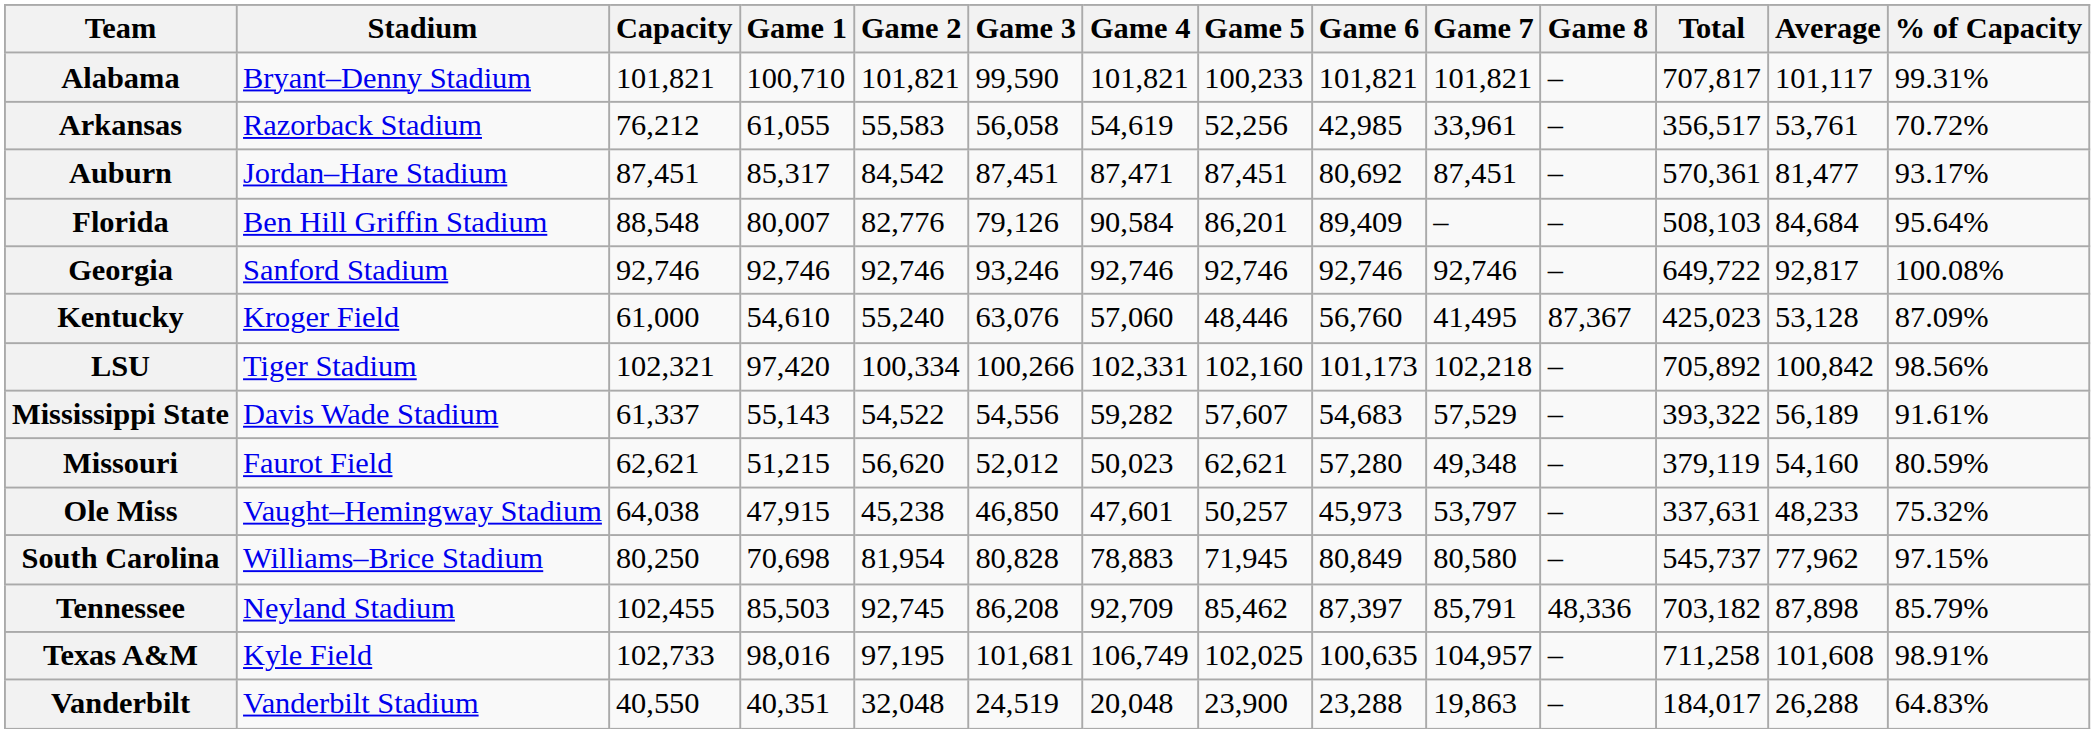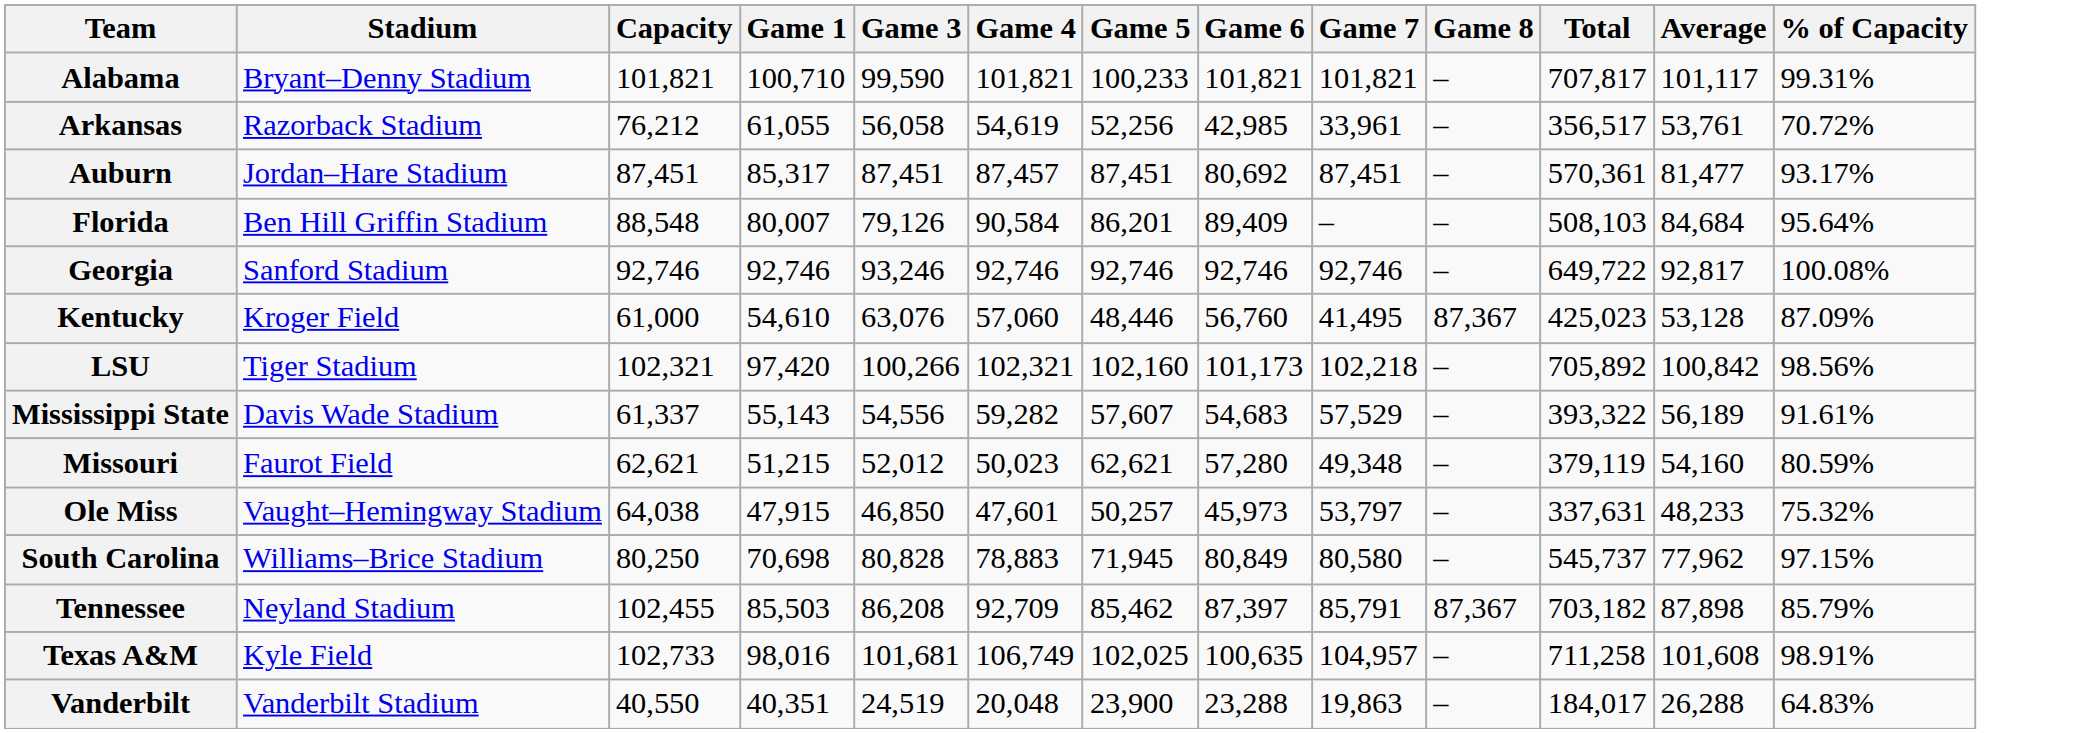 <table class="wikitable sortable">
 <tr>
 <th>Team</th>
 <th>Stadium</th>
 <th>Capacity</th>
 <th>Game 1</th>
-<th>Game 2</th>
 <th>Game 3</th>
 <th>Game 4</th>
 <th>Game 5</th>
 <th>Game 6</th>
 <th>Game 7</th>
 <th>Game 8</th>
 <th>Total</th>
 <th>Average</th>
 <th>% of Capacity</th>
 </tr>
 <tr>
 <th>Alabama</th>
 <td><a href='#'>Bryant–Denny Stadium</a></td>
 <td>101,821</td>
 <td>100,710</td>
-<td>101,821</td>
 <td>99,590</td>
 <td>101,821</td>
 <td>100,233</td>
 <td>101,821</td>
 <td>101,821</td>
 <td>–</td>
 <td>707,817</td>
 <td>101,117</td>
 <td>99.31%</td>
 </tr>
 <tr>
 <th>Arkansas</th>
 <td><a href='#'>Razorback Stadium</a></td>
 <td>76,212</td>
 <td>61,055</td>
-<td>55,583</td>
 <td>56,058</td>
 <td>54,619</td>
 <td>52,256</td>
 <td>42,985</td>
 <td>33,961</td>
 <td>–</td>
 <td>356,517</td>
 <td>53,761</td>
 <td>70.72%</td>
 </tr>
 <tr>
 <th>Auburn</th>
 <td><a href='#'>Jordan–Hare Stadium</a></td>
 <td>87,451</td>
 <td>85,317</td>
-<td>84,542</td>
 <td>87,451</td>
-<td>87,471</td>
+<td>87,457</td>
 <td>87,451</td>
 <td>80,692</td>
 <td>87,451</td>
 <td>–</td>
 <td>570,361</td>
 <td>81,477</td>
 <td>93.17%</td>
 </tr>
 <tr>
 <th>Florida</th>
 <td><a href='#'>Ben Hill Griffin Stadium</a></td>
 <td>88,548</td>
 <td>80,007</td>
-<td>82,776</td>
 <td>79,126</td>
 <td>90,584</td>
 <td>86,201</td>
 <td>89,409</td>
 <td>–</td>
 <td>–</td>
 <td>508,103</td>
 <td>84,684</td>
 <td>95.64%</td>
 </tr>
 <tr>
 <th>Georgia</th>
 <td><a href='#'>Sanford Stadium</a></td>
-<td>92,746</td>
 <td>92,746</td>
 <td>92,746</td>
 <td>93,246</td>
 <td>92,746</td>
 <td>92,746</td>
 <td>92,746</td>
 <td>92,746</td>
 <td>–</td>
 <td>649,722</td>
 <td>92,817</td>
 <td>100.08%</td>
 </tr>
 <tr>
 <th>Kentucky</th>
 <td><a href='#'>Kroger Field</a></td>
 <td>61,000</td>
 <td>54,610</td>
-<td>55,240</td>
 <td>63,076</td>
 <td>57,060</td>
 <td>48,446</td>
 <td>56,760</td>
 <td>41,495</td>
 <td>87,367</td>
 <td>425,023</td>
 <td>53,128</td>
 <td>87.09%</td>
 </tr>
 <tr>
 <th>LSU</th>
 <td><a href='#'>Tiger Stadium</a></td>
 <td>102,321</td>
 <td>97,420</td>
-<td>100,334</td>
 <td>100,266</td>
-<td>102,331</td>
+<td>102,321</td>
 <td>102,160</td>
 <td>101,173</td>
 <td>102,218</td>
 <td>–</td>
 <td>705,892</td>
 <td>100,842</td>
 <td>98.56%</td>
 </tr>
 <tr>
 <th>Mississippi State</th>
 <td><a href='#'>Davis Wade Stadium</a></td>
 <td>61,337</td>
 <td>55,143</td>
-<td>54,522</td>
 <td>54,556</td>
 <td>59,282</td>
 <td>57,607</td>
 <td>54,683</td>
 <td>57,529</td>
 <td>–</td>
 <td>393,322</td>
 <td>56,189</td>
 <td>91.61%</td>
 </tr>
 <tr>
 <th>Missouri</th>
 <td><a href='#'>Faurot Field</a></td>
 <td>62,621</td>
 <td>51,215</td>
-<td>56,620</td>
 <td>52,012</td>
 <td>50,023</td>
 <td>62,621</td>
 <td>57,280</td>
 <td>49,348</td>
 <td>–</td>
 <td>379,119</td>
 <td>54,160</td>
 <td>80.59%</td>
 </tr>
 <tr>
 <th>Ole Miss</th>
 <td><a href='#'>Vaught–Hemingway Stadium</a></td>
 <td>64,038</td>
 <td>47,915</td>
-<td>45,238</td>
 <td>46,850</td>
 <td>47,601</td>
 <td>50,257</td>
 <td>45,973</td>
 <td>53,797</td>
 <td>–</td>
 <td>337,631</td>
 <td>48,233</td>
 <td>75.32%</td>
 </tr>
 <tr>
 <th>South Carolina</th>
 <td><a href='#'>Williams–Brice Stadium</a></td>
 <td>80,250</td>
 <td>70,698</td>
-<td>81,954</td>
 <td>80,828</td>
 <td>78,883</td>
 <td>71,945</td>
 <td>80,849</td>
 <td>80,580</td>
 <td>–</td>
 <td>545,737</td>
 <td>77,962</td>
 <td>97.15%</td>
 </tr>
 <tr>
 <th>Tennessee</th>
 <td><a href='#'>Neyland Stadium</a></td>
 <td>102,455</td>
 <td>85,503</td>
-<td>92,745</td>
 <td>86,208</td>
 <td>92,709</td>
 <td>85,462</td>
 <td>87,397</td>
 <td>85,791</td>
-<td>48,336</td>
+<td>87,367</td>
 <td>703,182</td>
 <td>87,898</td>
 <td>85.79%</td>
 </tr>
 <tr>
 <th>Texas A&M</th>
 <td><a href='#'>Kyle Field</a></td>
 <td>102,733</td>
 <td>98,016</td>
-<td>97,195</td>
 <td>101,681</td>
 <td>106,749</td>
 <td>102,025</td>
 <td>100,635</td>
 <td>104,957</td>
 <td>–</td>
 <td>711,258</td>
 <td>101,608</td>
 <td>98.91%</td>
 </tr>
 <tr>
 <th>Vanderbilt</th>
 <td><a href='#'>Vanderbilt Stadium</a></td>
 <td>40,550</td>
 <td>40,351</td>
-<td>32,048</td>
 <td>24,519</td>
 <td>20,048</td>
 <td>23,900</td>
 <td>23,288</td>
 <td>19,863</td>
 <td>–</td>
 <td>184,017</td>
 <td>26,288</td>
 <td>64.83%</td>
 </tr>
 </table>
